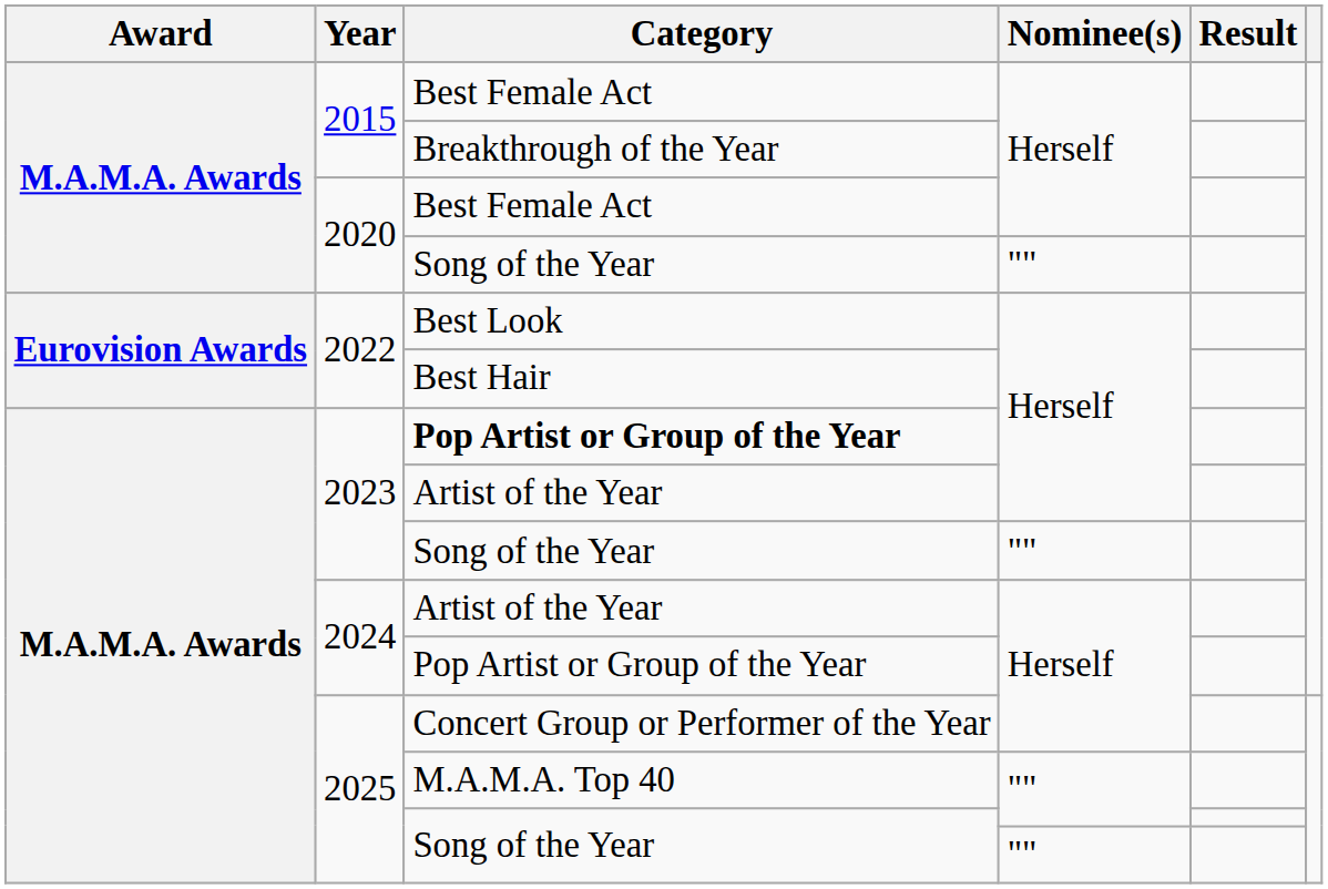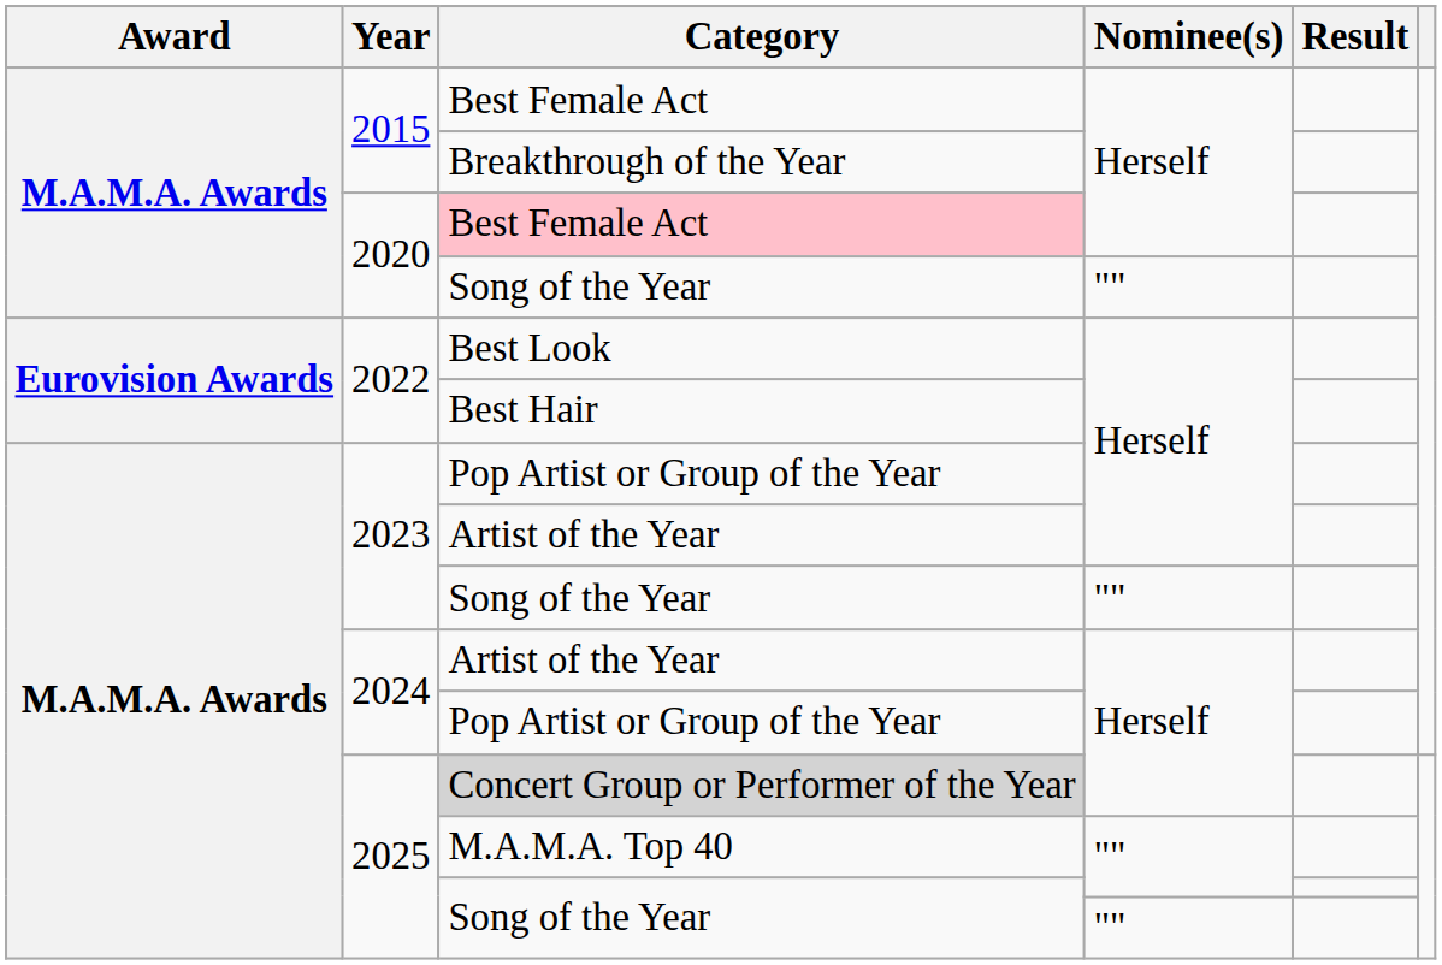 <table class="wikitable sortable plainrowheaders">
 <tr>
 <th scope="col">Award</th>
 <th scope="col">Year</th>
 <th scope="col">Category</th>
 <th scope="col">Nominee(s)</th>
 <th scope="col">Result</th>
 <th scope="col"></th>
 </tr>
 <tr>
 <th scope="row" rowspan="4"><a href='#'>M.A.M.A. Awards</a></th>
 <td rowspan="2"><a href='#'>2015</a></td>
 <td>Best Female Act</td>
 <td rowspan="3">Herself</td>
 <td></td>
 </tr>
 <tr>
 <td>Breakthrough of the Year</td>
 <td></td>
 </tr>
 <tr>
 <td rowspan="2">2020</td>
-<td>Best Female Act</td>
+<td style="background: pink;">Best Female Act</td>
 <td></td>
 </tr>
 <tr>
 <td>Song of the Year</td>
 <td>""</td>
 <td></td>
 </tr>
 <tr>
 <th scope="row" rowspan="2"><a href='#'>Eurovision Awards</a></th>
 <td rowspan="2">2022</td>
 <td>Best Look</td>
 <td rowspan="4">Herself</td>
 <td></td>
 </tr>
 <tr>
 <td>Best Hair</td>
 <td></td>
 </tr>
 <tr>
 <th scope="row" rowspan="10">M.A.M.A. Awards</th>
 <td rowspan="3">2023</td>
-<td><strong>Pop Artist or Group of the Year</strong></td>
+<td>Pop Artist or Group of the Year</td>
 <td></td>
 </tr>
 <tr>
 <td>Artist of the Year</td>
 <td></td>
 </tr>
 <tr>
 <td>Song of the Year</td>
 <td>""</td>
 <td></td>
 </tr>
 <tr>
 <td rowspan="2">2024</td>
 <td>Artist of the Year</td>
 <td rowspan="3">Herself</td>
 <td></td>
 </tr>
 <tr>
 <td>Pop Artist or Group of the Year</td>
 <td></td>
 </tr>
 <tr>
 <td rowspan="4">2025</td>
-<td>Concert Group or Performer of the Year</td>
+<td style="background: lightgrey;">Concert Group or Performer of the Year</td>
 <td></td>
 <td rowspan="4"></td>
 </tr>
 <tr>
 <td>M.A.M.A. Top 40</td>
 <td rowspan="2">""<br></td>
 <td></td>
 </tr>
 <tr>
 <td rowspan="2">Song of the Year</td>
 <td></td>
 </tr>
 <tr>
 <td>""<br></td>
 <td></td>
 </tr>
 </table>
